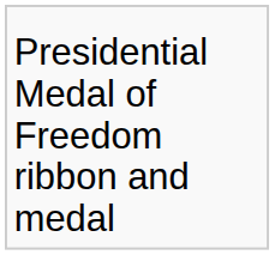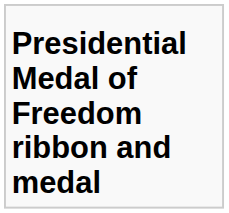 <table style="border:1px solid #ccc; background:#f9f9f9;">
 <tr>
 <td style="width:106px;"></td>
 </tr>
 <tr>
 <td></td>
 </tr>
 <tr>
-<td>Presidential Medal of Freedom ribbon and medal</td>
+<td><strong>Presidential Medal of Freedom ribbon and medal</strong></td>
 </tr>
 </table>
